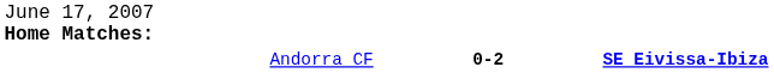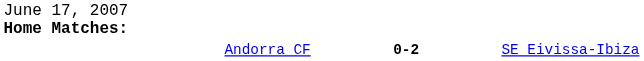 <table width=100% cellspacing=1>
 <tr>
 <th width=20%></th>
 <th width=12%></th>
 <th width=20%></th>
 <th></th>
 </tr>
 <tr>
 <td>June 17, 2007<br><strong>Home Matches:</strong></td>
 </tr>
 <tr style=font-size:90%>
 <td align=right><a href='#'>Andorra CF</a></td>
 <td align=center><strong>0-2</strong></td>
-<td><strong><a href='#'>SE Eivissa-Ibiza</a></strong></td>
+<td><a href='#'>SE Eivissa-Ibiza</a></td>
 </tr>
 </table>
